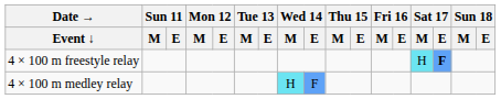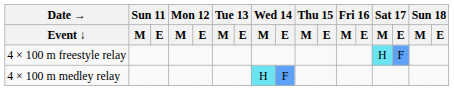 <table class="wikitable" style="margin:0.5em auto; font-size:95%; line-height:1.25em;">
 <tr style="text-align:center;">
 <th>Date →</th>
 <th colspan="2">Sun 11</th>
 <th colspan="2">Mon 12</th>
 <th colspan="2">Tue 13</th>
 <th colspan="2">Wed 14</th>
 <th colspan="2">Thu 15</th>
 <th colspan="2">Fri 16</th>
 <th colspan="2">Sat 17</th>
 <th colspan="2">Sun 18</th>
 </tr>
 <tr>
 <th>Event ↓</th>
 <th>M</th>
 <th>E</th>
 <th>M</th>
 <th>E</th>
 <th>M</th>
 <th>E</th>
 <th>M</th>
 <th>E</th>
 <th>M</th>
 <th>E</th>
 <th>M</th>
 <th>E</th>
 <th>M</th>
 <th>E</th>
 <th>M</th>
 <th>E</th>
 </tr>
 <tr>
 <td class=event>4 × 100 m freestyle relay</td>
 <td colspan=2></td>
 <td colspan=2></td>
 <td colspan=2></td>
 <td colspan=2></td>
 <td colspan=2></td>
 <td colspan=2></td>
 <td style="background-color:#6be4f2; text-align:center;">H</td>
-<td style="background-color:#5ea2f7; text-align:center;"><strong>F</strong></td>
+<td style="background-color:#5ea2f7; text-align:center;">F</td>
 <td colspan=2></td>
 </tr>
 <tr>
 <td class=event>4 × 100 m medley relay</td>
 <td colspan=2></td>
 <td colspan=2></td>
 <td colspan=2></td>
 <td style="background-color:#6be4f2; text-align:center;">H</td>
 <td style="background-color:#5ea2f7; text-align:center;">F</td>
 <td colspan=2></td>
 <td colspan=2></td>
 <td colspan=2></td>
 <td colspan=2></td>
 </tr>
 </table>
